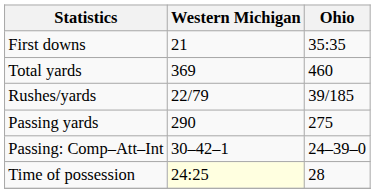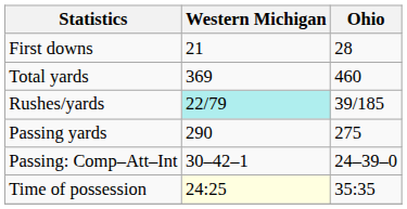 <table class="wikitable" style="float: left;">
 <tr>
 <th>Statistics</th>
 <th>Western Michigan</th>
 <th>Ohio</th>
 </tr>
 <tr>
 <td>First downs</td>
 <td>21</td>
-<td>35:35</td>
+<td>28</td>
 </tr>
 <tr>
 <td>Total yards</td>
 <td>369</td>
 <td>460</td>
 </tr>
 <tr>
 <td>Rushes/yards</td>
-<td>22/79</td>
+<td style="background: paleturquoise;">22/79</td>
 <td>39/185</td>
 </tr>
 <tr>
 <td>Passing yards</td>
 <td>290</td>
 <td>275</td>
 </tr>
 <tr>
 <td>Passing: Comp–Att–Int</td>
 <td>30–42–1</td>
 <td>24–39–0</td>
 </tr>
 <tr>
 <td>Time of possession</td>
 <td style="background: lightyellow;">24:25</td>
-<td>28</td>
+<td>35:35</td>
 </tr>
 <tr>
 </tr>
 </table>
